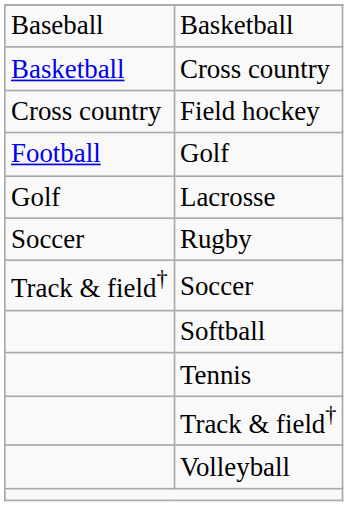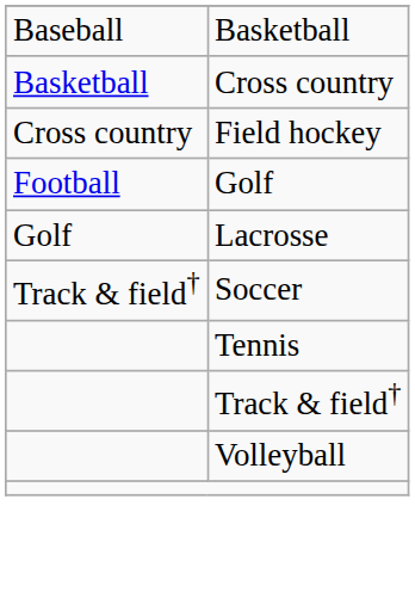 <table class="wikitable" style=" ">
 <tr>
 </tr>
 <tr>
 <td>Baseball</td>
 <td>Basketball</td>
 </tr>
 <tr>
 <td><a href='#'>Basketball</a></td>
 <td>Cross country</td>
 </tr>
 <tr>
 <td>Cross country</td>
 <td>Field hockey</td>
 </tr>
 <tr>
 <td><a href='#'>Football</a></td>
 <td>Golf</td>
 </tr>
 <tr>
 <td>Golf</td>
 <td>Lacrosse</td>
 </tr>
 <tr>
-<td>Soccer</td>
-<td>Rugby</td>
-</tr>
-<tr>
 <td>Track & field<sup>†</sup></td>
 <td>Soccer</td>
-</tr>
-<tr>
-<td></td>
-<td>Softball</td>
 </tr>
 <tr>
 <td></td>
 <td>Tennis</td>
 </tr>
 <tr>
 <td></td>
 <td>Track & field<sup>†</sup></td>
 </tr>
 <tr>
 <td></td>
 <td>Volleyball</td>
 </tr>
 <tr>
 <td colspan="2"></td>
 </tr>
 </table>
